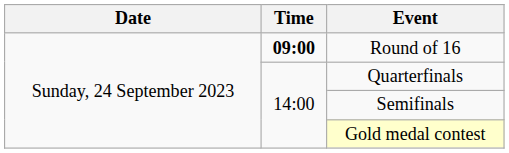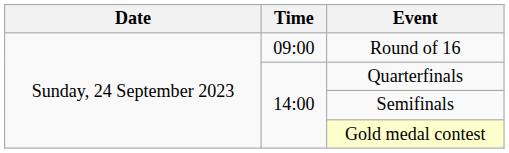 <table class = "wikitable" style="text-align:center;">
 <tr>
 <th width=220>Date</th>
 <th width=50>Time</th>
 <th width=150>Event</th>
 </tr>
 <tr>
 <td rowspan=4>Sunday, 24 September 2023</td>
-<td><strong>09:00</strong></td>
+<td>09:00</td>
 <td>Round of 16</td>
 </tr>
 <tr>
 <td rowspan=3>14:00</td>
 <td>Quarterfinals</td>
 </tr>
 <tr>
 <td>Semifinals</td>
 </tr>
 <tr>
 <td bgcolor=ffffcc>Gold medal contest</td>
 </tr>
 </table>
